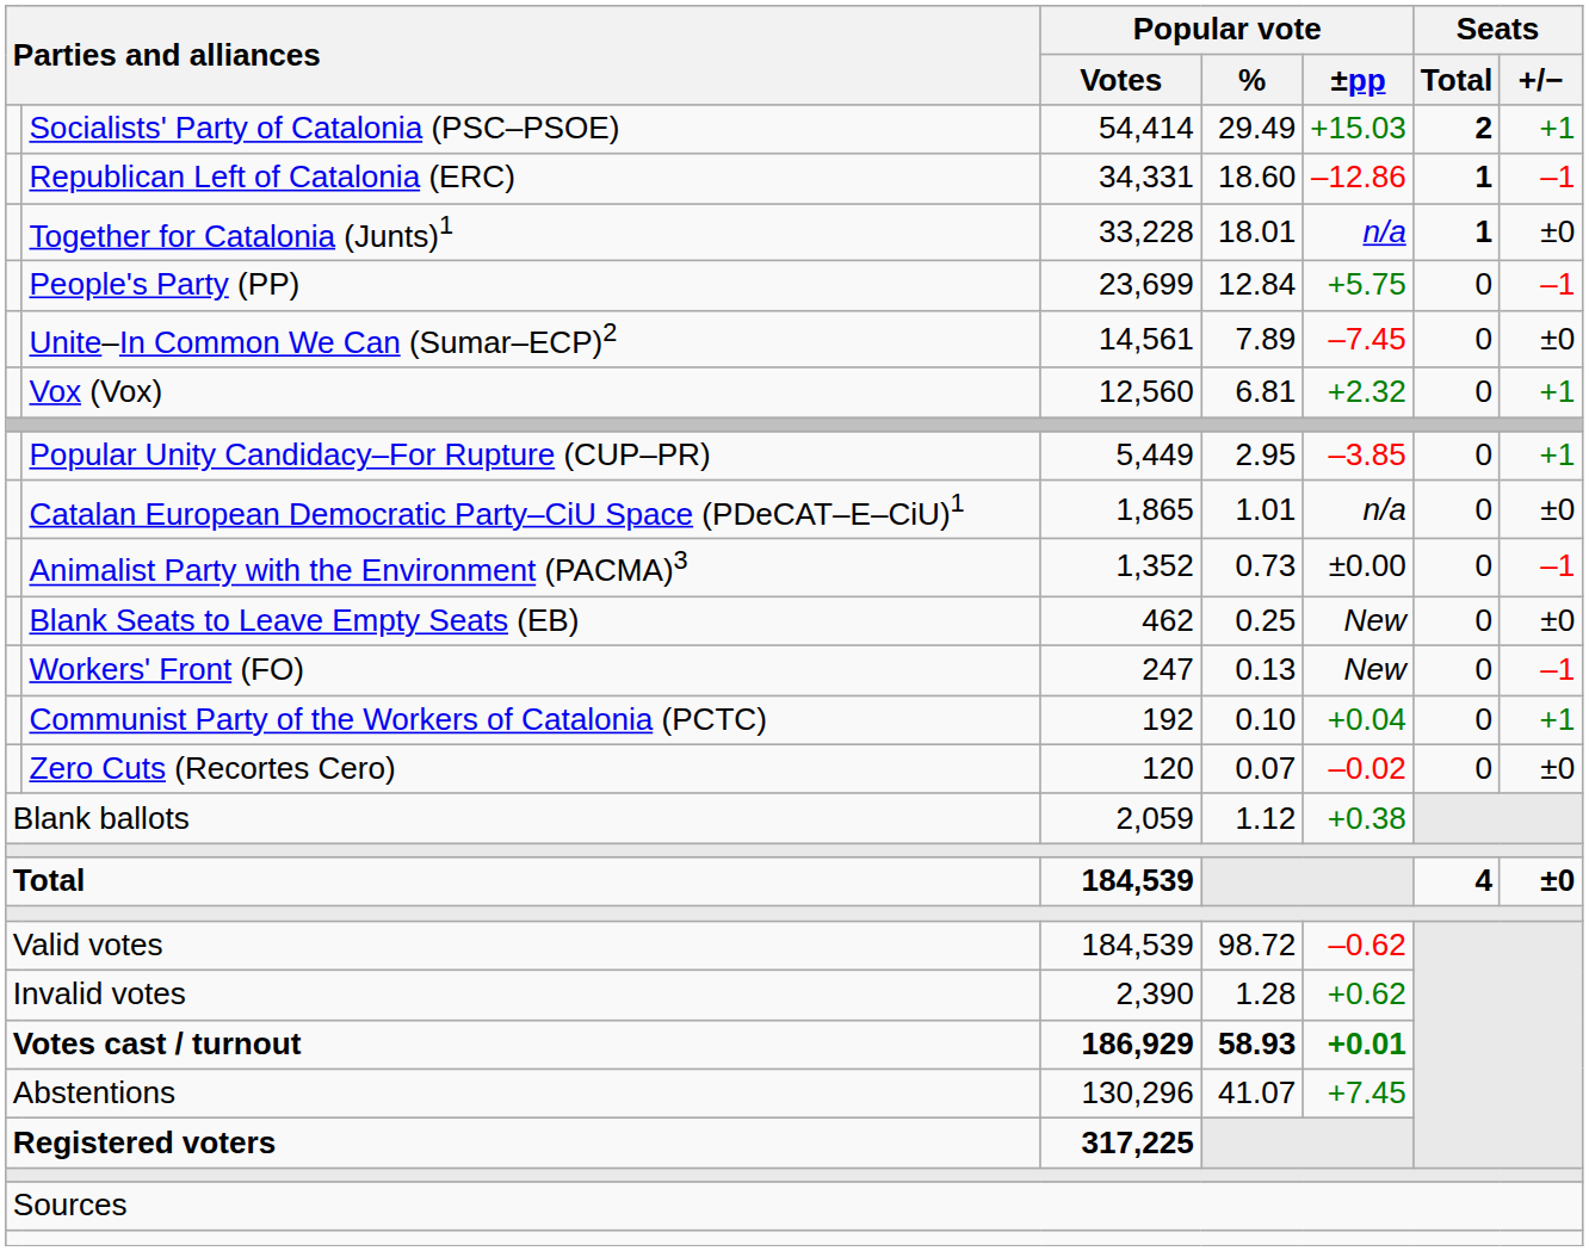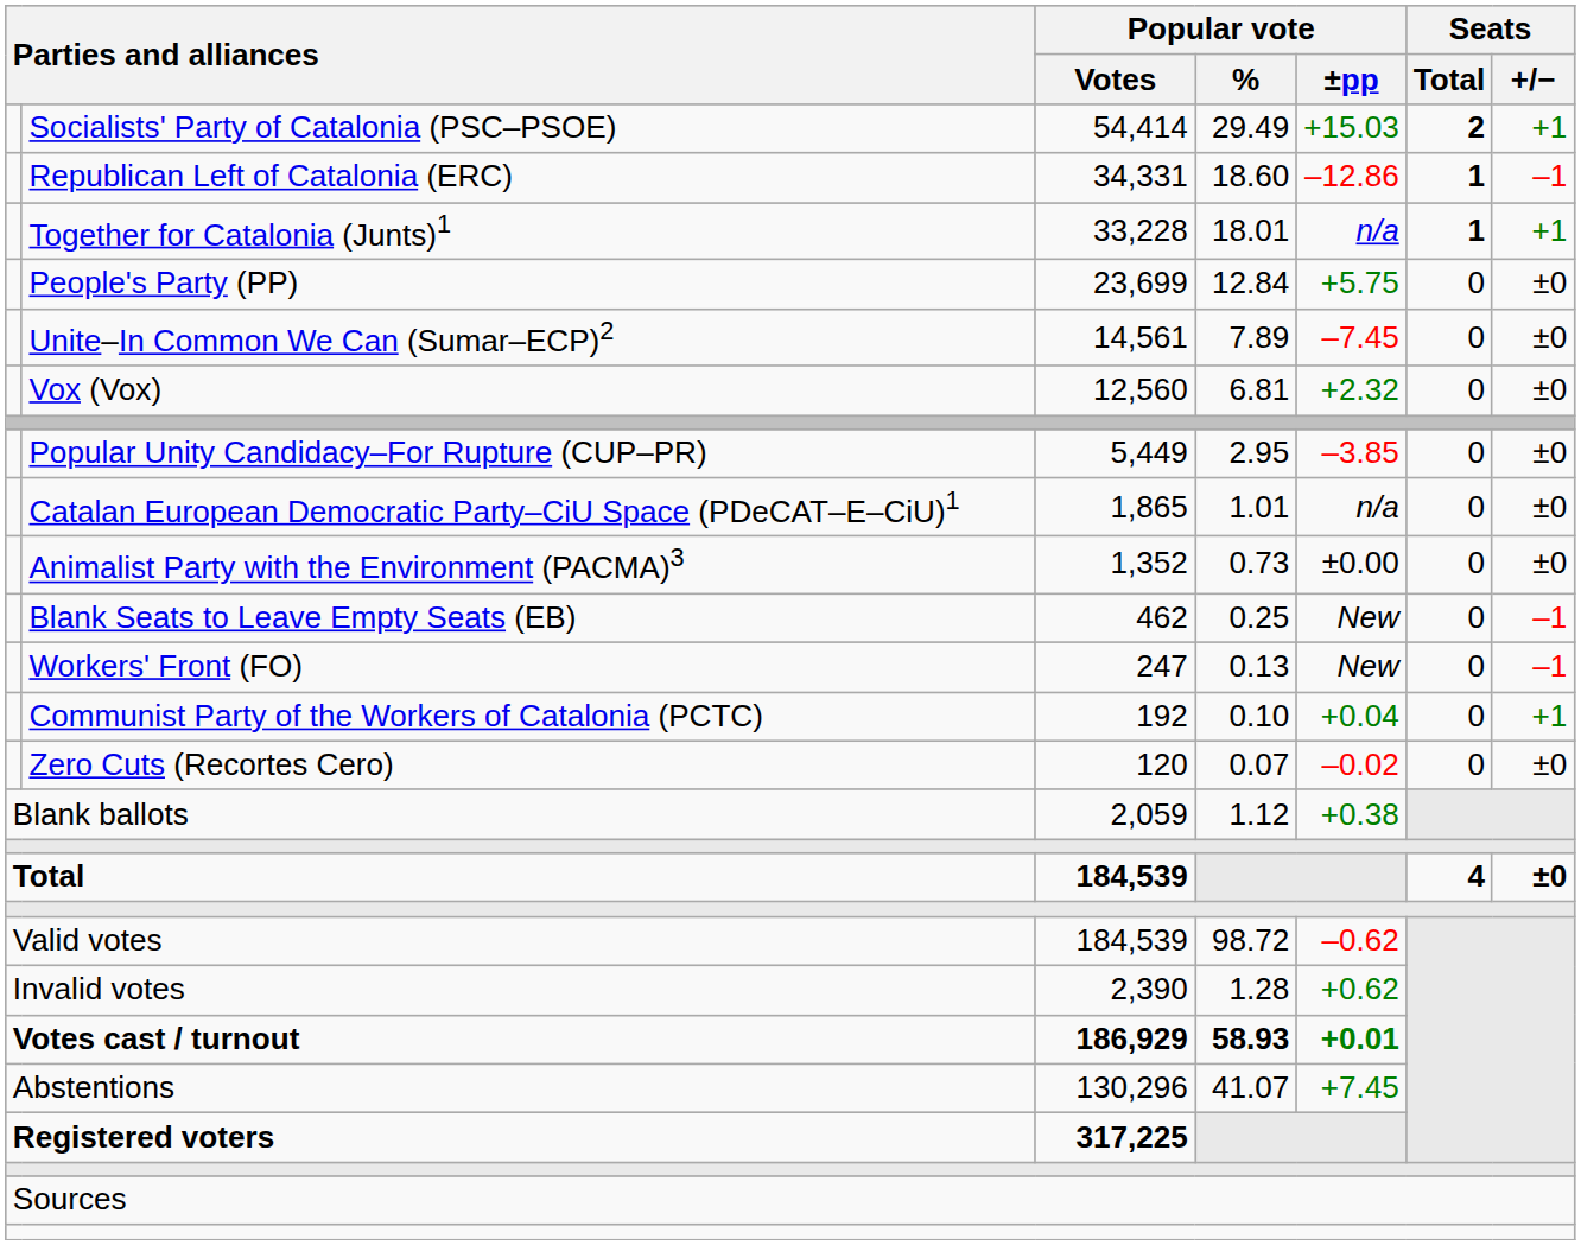 <table class="wikitable" style="text-align:right;">
 <tr>
 <th style="text-align:left;" rowspan="2" colspan="2" width="525">Parties and alliances</th>
 <th colspan="3">Popular vote</th>
 <th colspan="2">Seats</th>
 </tr>
 <tr>
 <th width="75">Votes</th>
 <th width="45">%</th>
 <th width="45">±<a href='#'>pp</a></th>
 <th width="35">Total</th>
 <th width="35">+/−</th>
 </tr>
 <tr>
 <td width="1" style="color:inherit;background:"></td>
 <td align="left"><a href='#'>Socialists' Party of Catalonia</a> (PSC–PSOE)</td>
 <td>54,414</td>
 <td>29.49</td>
 <td style="color:green;">+15.03</td>
 <td><strong>2</strong></td>
 <td style="color:green;">+1</td>
 </tr>
 <tr>
 <td style="color:inherit;background:"></td>
 <td align="left"><a href='#'>Republican Left of Catalonia</a> (ERC)</td>
 <td>34,331</td>
 <td>18.60</td>
 <td style="color:red;">–12.86</td>
 <td><strong>1</strong></td>
 <td style="color:red;">–1</td>
 </tr>
 <tr>
 <td style="color:inherit;background:"></td>
 <td align="left"><a href='#'>Together for Catalonia</a> (Junts)<sup>1</sup></td>
 <td>33,228</td>
 <td>18.01</td>
 <td><em><a href='#'>n/a</a></em></td>
 <td><strong>1</strong></td>
-<td>±0</td>
+<td style="color:green;">+1</td>
 </tr>
 <tr>
 <td style="color:inherit;background:"></td>
 <td align="left"><a href='#'>People's Party</a> (PP)</td>
 <td>23,699</td>
 <td>12.84</td>
 <td style="color:green;">+5.75</td>
 <td>0</td>
-<td style="color:red;">–1</td>
+<td>±0</td>
 </tr>
 <tr>
 <td style="color:inherit;background:"></td>
 <td align="left"><a href='#'>Unite</a>–<a href='#'>In Common We Can</a> (Sumar–ECP)<sup>2</sup></td>
 <td>14,561</td>
 <td>7.89</td>
 <td style="color:red;">–7.45</td>
 <td>0</td>
 <td>±0</td>
 </tr>
 <tr>
 <td style="color:inherit;background:"></td>
 <td align="left"><a href='#'>Vox</a> (Vox)</td>
 <td>12,560</td>
 <td>6.81</td>
 <td style="color:green;">+2.32</td>
 <td>0</td>
-<td style="color:green;">+1</td>
+<td>±0</td>
 </tr>
 <tr>
 <td colspan="7" bgcolor="#C0C0C0"></td>
 </tr>
 <tr>
 <td style="color:inherit;background:"></td>
 <td align="left"><a href='#'>Popular Unity Candidacy–For Rupture</a> (CUP–PR)</td>
 <td>5,449</td>
 <td>2.95</td>
 <td style="color:red;">–3.85</td>
 <td>0</td>
-<td style="color:green;">+1</td>
+<td>±0</td>
 </tr>
 <tr>
 <td style="color:inherit;background:"></td>
 <td align="left"><a href='#'>Catalan European Democratic Party–CiU Space</a> (PDeCAT–E–CiU)<sup>1</sup></td>
 <td>1,865</td>
 <td>1.01</td>
 <td><em>n/a</em></td>
 <td>0</td>
 <td>±0</td>
 </tr>
 <tr>
 <td style="color:inherit;background:"></td>
 <td align="left"><a href='#'>Animalist Party with the Environment</a> (PACMA)<sup>3</sup></td>
 <td>1,352</td>
 <td>0.73</td>
 <td>±0.00</td>
 <td>0</td>
-<td style="color:red;">–1</td>
+<td>±0</td>
 </tr>
 <tr>
 <td style="color:inherit;background:"></td>
 <td align="left"><a href='#'>Blank Seats to Leave Empty Seats</a> (EB)</td>
 <td>462</td>
 <td>0.25</td>
 <td><em>New</em></td>
 <td>0</td>
-<td>±0</td>
+<td style="color:red;">–1</td>
 </tr>
 <tr>
 <td style="color:inherit;background:"></td>
 <td align="left"><a href='#'>Workers' Front</a> (FO)</td>
 <td>247</td>
 <td>0.13</td>
 <td><em>New</em></td>
 <td>0</td>
 <td style="color:red;">–1</td>
 </tr>
 <tr>
 <td style="color:inherit;background:"></td>
 <td align="left"><a href='#'>Communist Party of the Workers of Catalonia</a> (PCTC)</td>
 <td>192</td>
 <td>0.10</td>
 <td style="color:green;">+0.04</td>
 <td>0</td>
 <td style="color:green;">+1</td>
 </tr>
 <tr>
 <td style="color:inherit;background:"></td>
 <td align="left"><a href='#'>Zero Cuts</a> (Recortes Cero)</td>
 <td>120</td>
 <td>0.07</td>
 <td style="color:red;">–0.02</td>
 <td>0</td>
 <td>±0</td>
 </tr>
 <tr>
 <td align="left" colspan="2">Blank ballots</td>
 <td>2,059</td>
 <td>1.12</td>
 <td style="color:green;">+0.38</td>
 <td bgcolor="#E9E9E9" colspan="2"></td>
 </tr>
 <tr>
 <td colspan="7" bgcolor="#E9E9E9"></td>
 </tr>
 <tr style="font-weight:bold;">
 <td align="left" colspan="2">Total</td>
 <td>184,539</td>
 <td bgcolor="#E9E9E9" colspan="2"></td>
 <td>4</td>
 <td>±0</td>
 </tr>
 <tr>
 <td colspan="7" bgcolor="#E9E9E9"></td>
 </tr>
 <tr>
 <td align="left" colspan="2">Valid votes</td>
 <td>184,539</td>
 <td>98.72</td>
 <td style="color:red;">–0.62</td>
 <td bgcolor="#E9E9E9" colspan="2" rowspan="5"></td>
 </tr>
 <tr>
 <td align="left" colspan="2">Invalid votes</td>
 <td>2,390</td>
 <td>1.28</td>
 <td style="color:green;">+0.62</td>
 </tr>
 <tr style="font-weight:bold;">
 <td align="left" colspan="2">Votes cast / turnout</td>
 <td>186,929</td>
 <td>58.93</td>
 <td style="color:green;">+0.01</td>
 </tr>
 <tr>
 <td align="left" colspan="2">Abstentions</td>
 <td>130,296</td>
 <td>41.07</td>
 <td style="color:green;">+7.45</td>
 </tr>
 <tr style="font-weight:bold;">
 <td align="left" colspan="2">Registered voters</td>
 <td>317,225</td>
 <td bgcolor="#E9E9E9" colspan="2"></td>
 </tr>
 <tr>
 <td colspan="7" bgcolor="#E9E9E9"></td>
 </tr>
 <tr>
 <td align="left" colspan="7">Sources</td>
 </tr>
 <tr>
 <td colspan="7" style="text-align:left; max-width:790px;"></td>
 </tr>
 </table>
